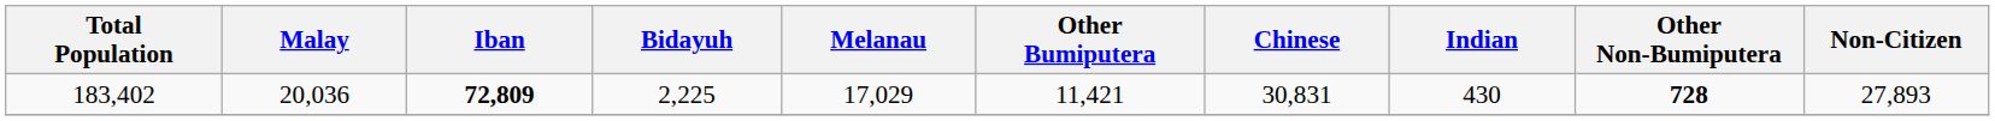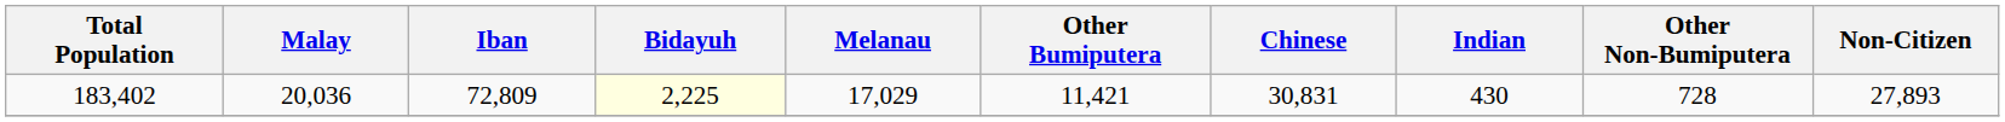 <table class="wikitable" style="text-align:center">
 <tr>
 <th style="width:5%">Total <br>Population</th>
 <th style="width:5%"><a href='#'>Malay</a></th>
 <th style="width:5%"><a href='#'>Iban</a></th>
 <th style="width:5%"><a href='#'>Bidayuh</a></th>
 <th style="width:5%"><a href='#'>Melanau</a></th>
 <th style="width:5%">Other <br><a href='#'>Bumiputera</a></th>
 <th style="width:5%"><a href='#'>Chinese</a></th>
 <th style="width:5%"><a href='#'>Indian</a></th>
 <th style="width:5%">Other <br>Non-Bumiputera</th>
 <th style="width:5%">Non-Citizen</th>
 </tr>
 <tr>
 <td>183,402</td>
 <td>20,036</td>
-<td><strong>72,809</strong></td>
-<td>2,225</td>
+<td>72,809</td>
+<td style="background: lightyellow;">2,225</td>
 <td>17,029</td>
 <td>11,421</td>
 <td>30,831</td>
 <td>430</td>
-<td><strong>728</strong></td>
+<td>728</td>
 <td>27,893</td>
 </tr>
 <tr>
 </tr>
 </table>
